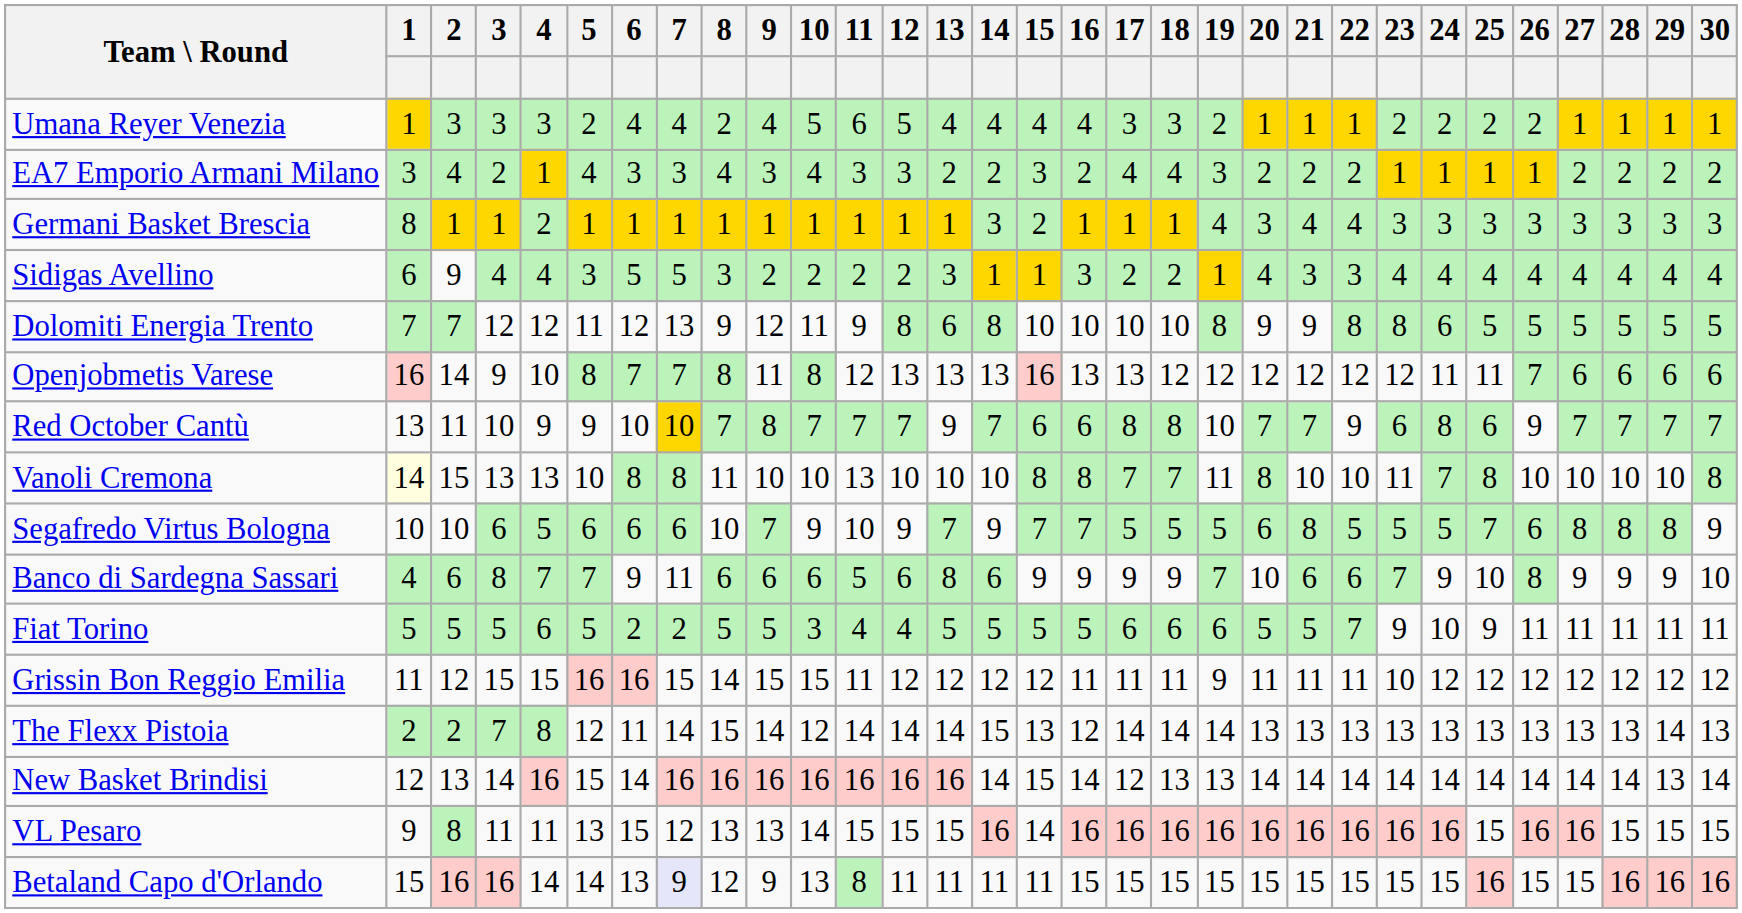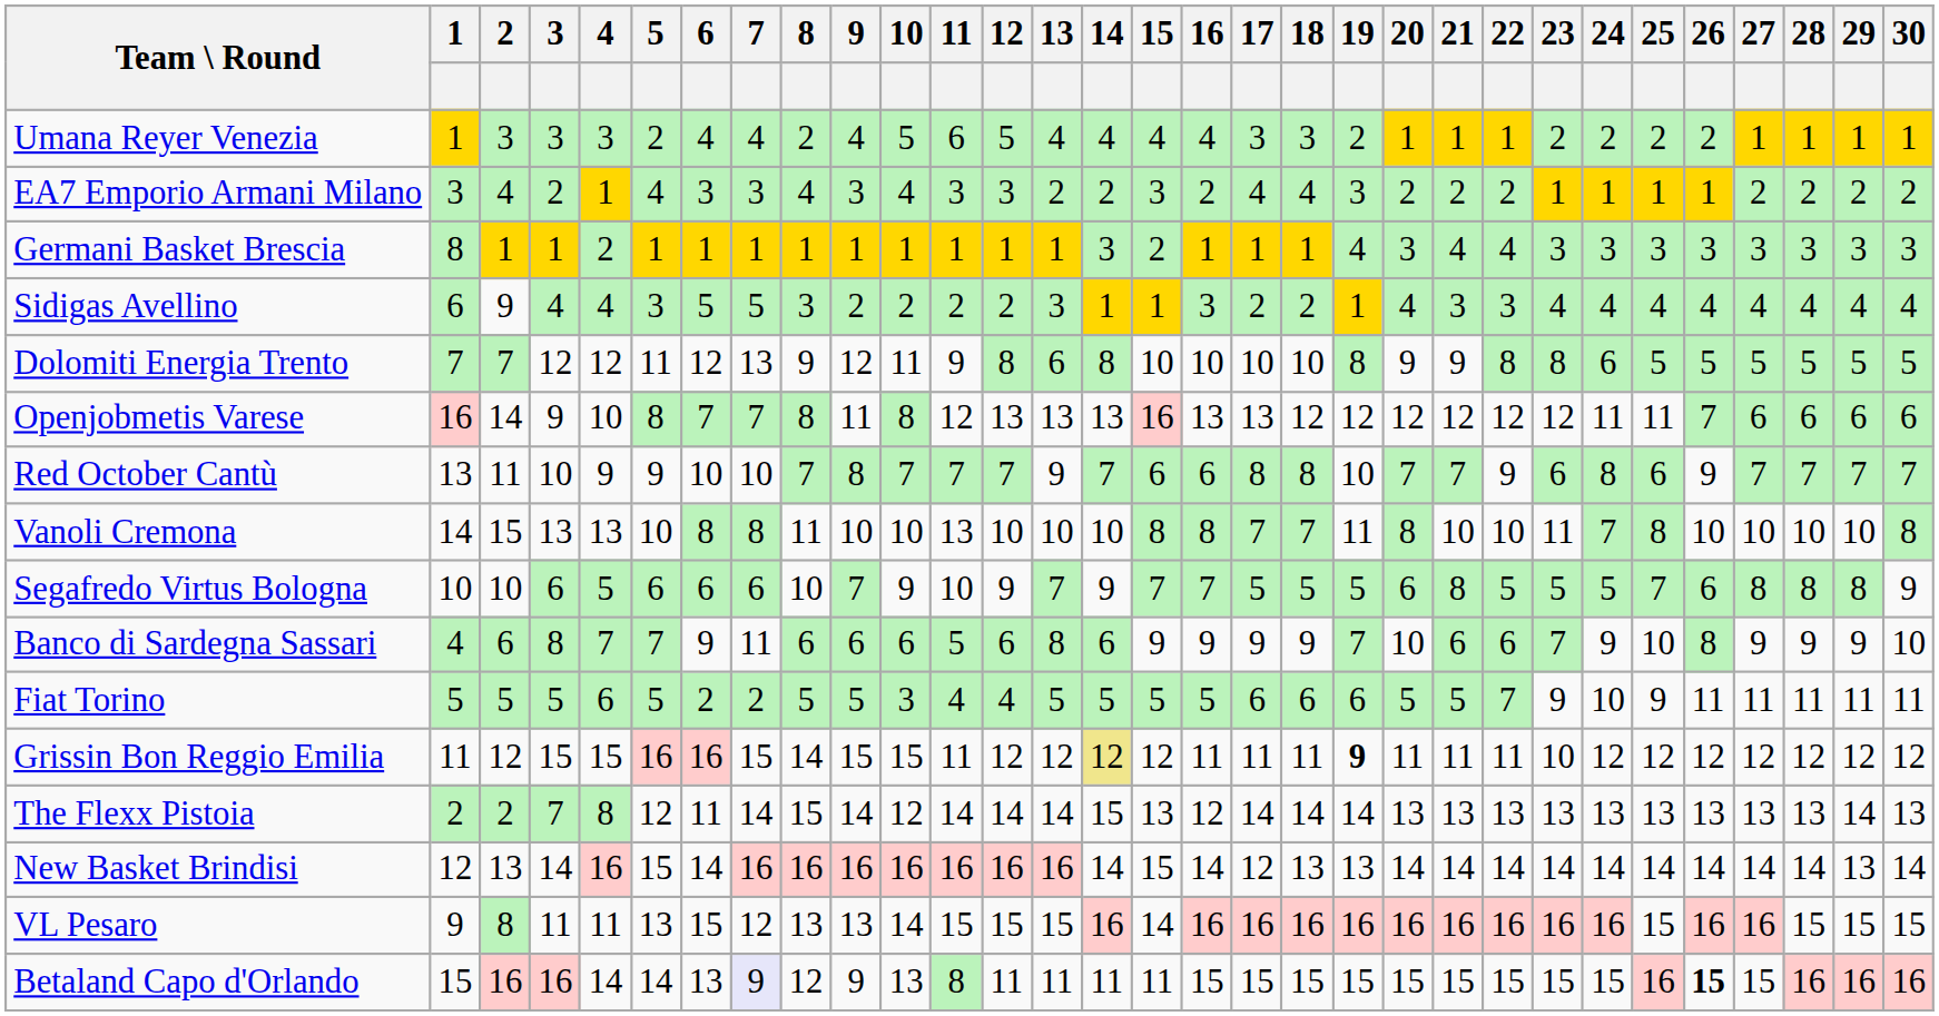 <table class="wikitable sortable" style="font-size:90%; text-align:center; white-space: nowrap;">
 <tr>
 <th rowspan="2" style="width:140px;">Team \ Round</th>
 <th>1</th>
 <th>2</th>
 <th>3</th>
 <th>4</th>
 <th>5</th>
 <th>6</th>
 <th>7</th>
 <th>8</th>
 <th>9</th>
 <th>10</th>
 <th>11</th>
 <th>12</th>
 <th>13</th>
 <th>14</th>
 <th>15</th>
 <th>16</th>
 <th>17</th>
 <th>18</th>
 <th>19</th>
 <th>20</th>
 <th>21</th>
 <th>22</th>
 <th>23</th>
 <th>24</th>
 <th>25</th>
 <th>26</th>
 <th>27</th>
 <th>28</th>
 <th>29</th>
 <th>30</th>
 </tr>
 <tr style="text-align:center; height:20px;">
 <th scope=row></th>
 <th></th>
 <th></th>
 <th></th>
 <th></th>
 <th></th>
 <th></th>
 <th></th>
 <th></th>
 <th></th>
 <th></th>
 <th></th>
 <th></th>
 <th></th>
 <th></th>
 <th></th>
 <th></th>
 <th></th>
 <th></th>
 <th></th>
 <th></th>
 <th></th>
 <th></th>
 <th></th>
 <th></th>
 <th></th>
 <th></th>
 <th></th>
 <th></th>
 <th></th>
 </tr>
 <tr>
 <td align=left><a href='#'>Umana Reyer Venezia</a></td>
 <td bgcolor=gold>1</td>
 <td bgcolor=#BBF3BB>3</td>
 <td bgcolor=#BBF3BB>3</td>
 <td bgcolor=#BBF3BB>3</td>
 <td bgcolor=#BBF3BB>2</td>
 <td bgcolor=#BBF3BB>4</td>
 <td bgcolor=#BBF3BB>4</td>
 <td bgcolor=#BBF3BB>2</td>
 <td bgcolor=#BBF3BB>4</td>
 <td bgcolor=#BBF3BB>5</td>
 <td bgcolor=#BBF3BB>6</td>
 <td bgcolor=#BBF3BB>5</td>
 <td bgcolor=#BBF3BB>4</td>
 <td bgcolor=#BBF3BB>4</td>
 <td bgcolor=#BBF3BB>4</td>
 <td bgcolor=#BBF3BB>4</td>
 <td bgcolor=#BBF3BB>3</td>
 <td bgcolor=#BBF3BB>3</td>
 <td bgcolor=#BBF3BB>2</td>
 <td bgcolor=gold>1</td>
 <td bgcolor=gold>1</td>
 <td bgcolor=gold>1</td>
 <td bgcolor=#BBF3BB>2</td>
 <td bgcolor=#BBF3BB>2</td>
 <td bgcolor=#BBF3BB>2</td>
 <td bgcolor=#BBF3BB>2</td>
 <td bgcolor=gold>1</td>
 <td bgcolor=gold>1</td>
 <td bgcolor=gold>1</td>
 <td bgcolor=gold>1</td>
 </tr>
 <tr>
 <td align=left><a href='#'>EA7 Emporio Armani Milano</a></td>
 <td bgcolor=#BBF3BB>3</td>
 <td bgcolor=#BBF3BB>4</td>
 <td bgcolor=#BBF3BB>2</td>
 <td bgcolor=gold>1</td>
 <td bgcolor=#BBF3BB>4</td>
 <td bgcolor=#BBF3BB>3</td>
 <td bgcolor=#BBF3BB>3</td>
 <td bgcolor=#BBF3BB>4</td>
 <td bgcolor=#BBF3BB>3</td>
 <td bgcolor=#BBF3BB>4</td>
 <td bgcolor=#BBF3BB>3</td>
 <td bgcolor=#BBF3BB>3</td>
 <td bgcolor=#BBF3BB>2</td>
 <td bgcolor=#BBF3BB>2</td>
 <td bgcolor=#BBF3BB>3</td>
 <td bgcolor=#BBF3BB>2</td>
 <td bgcolor=#BBF3BB>4</td>
 <td bgcolor=#BBF3BB>4</td>
 <td bgcolor=#BBF3BB>3</td>
 <td bgcolor=#BBF3BB>2</td>
 <td bgcolor=#BBF3BB>2</td>
 <td bgcolor=#BBF3BB>2</td>
 <td bgcolor=gold>1</td>
 <td bgcolor=gold>1</td>
 <td bgcolor=gold>1</td>
 <td bgcolor=gold>1</td>
 <td bgcolor=#BBF3BB>2</td>
 <td bgcolor=#BBF3BB>2</td>
 <td bgcolor=#BBF3BB>2</td>
 <td bgcolor=#BBF3BB>2</td>
 </tr>
 <tr>
 <td align=left><a href='#'>Germani Basket Brescia</a></td>
 <td bgcolor=#BBF3BB>8</td>
 <td bgcolor=gold>1</td>
 <td bgcolor=gold>1</td>
 <td bgcolor=#BBF3BB>2</td>
 <td bgcolor=gold>1</td>
 <td bgcolor=gold>1</td>
 <td bgcolor=gold>1</td>
 <td bgcolor=gold>1</td>
 <td bgcolor=gold>1</td>
 <td bgcolor=gold>1</td>
 <td bgcolor=gold>1</td>
 <td bgcolor=gold>1</td>
 <td bgcolor=gold>1</td>
 <td bgcolor=#BBF3BB>3</td>
 <td bgcolor=#BBF3BB>2</td>
 <td bgcolor=gold>1</td>
 <td bgcolor=gold>1</td>
 <td bgcolor=gold>1</td>
 <td bgcolor=#BBF3BB>4</td>
 <td bgcolor=#BBF3BB>3</td>
 <td bgcolor=#BBF3BB>4</td>
 <td bgcolor=#BBF3BB>4</td>
 <td bgcolor=#BBF3BB>3</td>
 <td bgcolor=#BBF3BB>3</td>
 <td bgcolor=#BBF3BB>3</td>
 <td bgcolor=#BBF3BB>3</td>
 <td bgcolor=#BBF3BB>3</td>
 <td bgcolor=#BBF3BB>3</td>
 <td bgcolor=#BBF3BB>3</td>
 <td bgcolor=#BBF3BB>3</td>
 </tr>
 <tr>
 <td align=left><a href='#'>Sidigas Avellino</a></td>
 <td bgcolor=#BBF3BB>6</td>
 <td>9</td>
 <td bgcolor=#BBF3BB>4</td>
 <td bgcolor=#BBF3BB>4</td>
 <td bgcolor=#BBF3BB>3</td>
 <td bgcolor=#BBF3BB>5</td>
 <td bgcolor=#BBF3BB>5</td>
 <td bgcolor=#BBF3BB>3</td>
 <td bgcolor=#BBF3BB>2</td>
 <td bgcolor=#BBF3BB>2</td>
 <td bgcolor=#BBF3BB>2</td>
 <td bgcolor=#BBF3BB>2</td>
 <td bgcolor=#BBF3BB>3</td>
 <td bgcolor=gold>1</td>
 <td bgcolor=gold>1</td>
 <td bgcolor=#BBF3BB>3</td>
 <td bgcolor=#BBF3BB>2</td>
 <td bgcolor=#BBF3BB>2</td>
 <td bgcolor=gold>1</td>
 <td bgcolor=#BBF3BB>4</td>
 <td bgcolor=#BBF3BB>3</td>
 <td bgcolor=#BBF3BB>3</td>
 <td bgcolor=#BBF3BB>4</td>
 <td bgcolor=#BBF3BB>4</td>
 <td bgcolor=#BBF3BB>4</td>
 <td bgcolor=#BBF3BB>4</td>
 <td bgcolor=#BBF3BB>4</td>
 <td bgcolor=#BBF3BB>4</td>
 <td bgcolor=#BBF3BB>4</td>
 <td bgcolor=#BBF3BB>4</td>
 </tr>
 <tr>
 <td align=left><a href='#'>Dolomiti Energia Trento</a></td>
 <td bgcolor=#BBF3BB>7</td>
 <td bgcolor=#BBF3BB>7</td>
 <td>12</td>
 <td>12</td>
 <td>11</td>
 <td>12</td>
 <td>13</td>
 <td>9</td>
 <td>12</td>
 <td>11</td>
 <td>9</td>
 <td bgcolor=#BBF3BB>8</td>
 <td bgcolor=#BBF3BB>6</td>
 <td bgcolor=#BBF3BB>8</td>
 <td>10</td>
 <td>10</td>
 <td>10</td>
 <td>10</td>
 <td bgcolor=#BBF3BB>8</td>
 <td>9</td>
 <td>9</td>
 <td bgcolor=#BBF3BB>8</td>
 <td bgcolor=#BBF3BB>8</td>
 <td bgcolor=#BBF3BB>6</td>
 <td bgcolor=#BBF3BB>5</td>
 <td bgcolor=#BBF3BB>5</td>
 <td bgcolor=#BBF3BB>5</td>
 <td bgcolor=#BBF3BB>5</td>
 <td bgcolor=#BBF3BB>5</td>
 <td bgcolor=#BBF3BB>5</td>
 </tr>
 <tr>
 <td align=left><a href='#'>Openjobmetis Varese</a></td>
 <td bgcolor=#fcc>16</td>
 <td>14</td>
 <td>9</td>
 <td>10</td>
 <td bgcolor=#BBF3BB>8</td>
 <td bgcolor=#BBF3BB>7</td>
 <td bgcolor=#BBF3BB>7</td>
 <td bgcolor=#BBF3BB>8</td>
 <td>11</td>
 <td bgcolor=#BBF3BB>8</td>
 <td>12</td>
 <td>13</td>
 <td>13</td>
 <td>13</td>
 <td bgcolor=#fcc>16</td>
 <td>13</td>
 <td>13</td>
 <td>12</td>
 <td>12</td>
 <td>12</td>
 <td>12</td>
 <td>12</td>
 <td>12</td>
 <td>11</td>
 <td>11</td>
 <td bgcolor=#BBF3BB>7</td>
 <td bgcolor=#BBF3BB>6</td>
 <td bgcolor=#BBF3BB>6</td>
 <td bgcolor=#BBF3BB>6</td>
 <td bgcolor=#BBF3BB>6</td>
 </tr>
 <tr>
 <td align=left><a href='#'>Red October Cantù</a></td>
 <td>13</td>
 <td>11</td>
 <td>10</td>
 <td>9</td>
 <td>9</td>
 <td>10</td>
-<td style="background: gold;">10</td>
+<td>10</td>
 <td bgcolor=#BBF3BB>7</td>
 <td bgcolor=#BBF3BB>8</td>
 <td bgcolor=#BBF3BB>7</td>
 <td bgcolor=#BBF3BB>7</td>
 <td bgcolor=#BBF3BB>7</td>
 <td>9</td>
 <td bgcolor=#BBF3BB>7</td>
 <td bgcolor=#BBF3BB>6</td>
 <td bgcolor=#BBF3BB>6</td>
 <td bgcolor=#BBF3BB>8</td>
 <td bgcolor=#BBF3BB>8</td>
 <td>10</td>
 <td bgcolor=#BBF3BB>7</td>
 <td bgcolor=#BBF3BB>7</td>
 <td>9</td>
 <td bgcolor=#BBF3BB>6</td>
 <td bgcolor=#BBF3BB>8</td>
 <td bgcolor=#BBF3BB>6</td>
 <td>9</td>
 <td bgcolor=#BBF3BB>7</td>
 <td bgcolor=#BBF3BB>7</td>
 <td bgcolor=#BBF3BB>7</td>
 <td bgcolor=#BBF3BB>7</td>
 </tr>
 <tr>
 <td align=left><a href='#'>Vanoli Cremona</a></td>
-<td style="background: lightyellow;">14</td>
+<td>14</td>
 <td>15</td>
 <td>13</td>
 <td>13</td>
 <td>10</td>
 <td bgcolor=#BBF3BB>8</td>
 <td bgcolor=#BBF3BB>8</td>
 <td>11</td>
 <td>10</td>
 <td>10</td>
 <td>13</td>
 <td>10</td>
 <td>10</td>
 <td>10</td>
 <td bgcolor=#BBF3BB>8</td>
 <td bgcolor=#BBF3BB>8</td>
 <td bgcolor=#BBF3BB>7</td>
 <td bgcolor=#BBF3BB>7</td>
 <td>11</td>
 <td bgcolor=#BBF3BB>8</td>
 <td>10</td>
 <td>10</td>
 <td>11</td>
 <td bgcolor=#BBF3BB>7</td>
 <td bgcolor=#BBF3BB>8</td>
 <td>10</td>
 <td>10</td>
 <td>10</td>
 <td>10</td>
 <td bgcolor=#BBF3BB>8</td>
 </tr>
 <tr>
 <td align=left><a href='#'>Segafredo Virtus Bologna</a></td>
 <td>10</td>
 <td>10</td>
 <td bgcolor=#BBF3BB>6</td>
 <td bgcolor=#BBF3BB>5</td>
 <td bgcolor=#BBF3BB>6</td>
 <td bgcolor=#BBF3BB>6</td>
 <td bgcolor=#BBF3BB>6</td>
 <td>10</td>
 <td bgcolor=#BBF3BB>7</td>
 <td>9</td>
 <td>10</td>
 <td>9</td>
 <td bgcolor=#BBF3BB>7</td>
 <td>9</td>
 <td bgcolor=#BBF3BB>7</td>
 <td bgcolor=#BBF3BB>7</td>
 <td bgcolor=#BBF3BB>5</td>
 <td bgcolor=#BBF3BB>5</td>
 <td bgcolor=#BBF3BB>5</td>
 <td bgcolor=#BBF3BB>6</td>
 <td bgcolor=#BBF3BB>8</td>
 <td bgcolor=#BBF3BB>5</td>
 <td bgcolor=#BBF3BB>5</td>
 <td bgcolor=#BBF3BB>5</td>
 <td bgcolor=#BBF3BB>7</td>
 <td bgcolor=#BBF3BB>6</td>
 <td bgcolor=#BBF3BB>8</td>
 <td bgcolor=#BBF3BB>8</td>
 <td bgcolor=#BBF3BB>8</td>
 <td>9</td>
 </tr>
 <tr>
 <td align=left><a href='#'>Banco di Sardegna Sassari</a></td>
 <td bgcolor=#BBF3BB>4</td>
 <td bgcolor=#BBF3BB>6</td>
 <td bgcolor=#BBF3BB>8</td>
 <td bgcolor=#BBF3BB>7</td>
 <td bgcolor=#BBF3BB>7</td>
 <td>9</td>
 <td>11</td>
 <td bgcolor=#BBF3BB>6</td>
 <td bgcolor=#BBF3BB>6</td>
 <td bgcolor=#BBF3BB>6</td>
 <td bgcolor=#BBF3BB>5</td>
 <td bgcolor=#BBF3BB>6</td>
 <td bgcolor=#BBF3BB>8</td>
 <td bgcolor=#BBF3BB>6</td>
 <td>9</td>
 <td>9</td>
 <td>9</td>
 <td>9</td>
 <td bgcolor=#BBF3BB>7</td>
 <td>10</td>
 <td bgcolor=#BBF3BB>6</td>
 <td bgcolor=#BBF3BB>6</td>
 <td bgcolor=#BBF3BB>7</td>
 <td>9</td>
 <td>10</td>
 <td bgcolor=#BBF3BB>8</td>
 <td>9</td>
 <td>9</td>
 <td>9</td>
 <td>10</td>
 </tr>
 <tr>
 <td align=left><a href='#'>Fiat Torino</a></td>
 <td bgcolor=#BBF3BB>5</td>
 <td bgcolor=#BBF3BB>5</td>
 <td bgcolor=#BBF3BB>5</td>
 <td bgcolor=#BBF3BB>6</td>
 <td bgcolor=#BBF3BB>5</td>
 <td bgcolor=#BBF3BB>2</td>
 <td bgcolor=#BBF3BB>2</td>
 <td bgcolor=#BBF3BB>5</td>
 <td bgcolor=#BBF3BB>5</td>
 <td bgcolor=#BBF3BB>3</td>
 <td bgcolor=#BBF3BB>4</td>
 <td bgcolor=#BBF3BB>4</td>
 <td bgcolor=#BBF3BB>5</td>
 <td bgcolor=#BBF3BB>5</td>
 <td bgcolor=#BBF3BB>5</td>
 <td bgcolor=#BBF3BB>5</td>
 <td bgcolor=#BBF3BB>6</td>
 <td bgcolor=#BBF3BB>6</td>
 <td bgcolor=#BBF3BB>6</td>
 <td bgcolor=#BBF3BB>5</td>
 <td bgcolor=#BBF3BB>5</td>
 <td bgcolor=#BBF3BB>7</td>
 <td>9</td>
 <td>10</td>
 <td>9</td>
 <td>11</td>
 <td>11</td>
 <td>11</td>
 <td>11</td>
 <td>11</td>
 </tr>
 <tr>
 <td align=left><a href='#'>Grissin Bon Reggio Emilia</a></td>
 <td>11</td>
 <td>12</td>
 <td>15</td>
 <td>15</td>
 <td bgcolor=#fcc>16</td>
 <td bgcolor=#fcc>16</td>
 <td>15</td>
 <td>14</td>
 <td>15</td>
 <td>15</td>
 <td>11</td>
 <td>12</td>
 <td>12</td>
-<td>12</td>
+<td style="background: khaki;">12</td>
 <td>12</td>
 <td>11</td>
 <td>11</td>
 <td>11</td>
-<td>9</td>
+<td><strong>9</strong></td>
 <td>11</td>
 <td>11</td>
 <td>11</td>
 <td>10</td>
 <td>12</td>
 <td>12</td>
 <td>12</td>
 <td>12</td>
 <td>12</td>
 <td>12</td>
 <td>12</td>
 </tr>
 <tr>
 <td align=left><a href='#'>The Flexx Pistoia</a></td>
 <td bgcolor=#BBF3BB>2</td>
 <td bgcolor=#BBF3BB>2</td>
 <td bgcolor=#BBF3BB>7</td>
 <td bgcolor=#BBF3BB>8</td>
 <td>12</td>
 <td>11</td>
 <td>14</td>
 <td>15</td>
 <td>14</td>
 <td>12</td>
 <td>14</td>
 <td>14</td>
 <td>14</td>
 <td>15</td>
 <td>13</td>
 <td>12</td>
 <td>14</td>
 <td>14</td>
 <td>14</td>
 <td>13</td>
 <td>13</td>
 <td>13</td>
 <td>13</td>
 <td>13</td>
 <td>13</td>
 <td>13</td>
 <td>13</td>
 <td>13</td>
 <td>14</td>
 <td>13</td>
 </tr>
 <tr>
 <td align=left><a href='#'>New Basket Brindisi</a></td>
 <td>12</td>
 <td>13</td>
 <td>14</td>
 <td bgcolor=#fcc>16</td>
 <td>15</td>
 <td>14</td>
 <td bgcolor=#fcc>16</td>
 <td bgcolor=#fcc>16</td>
 <td bgcolor=#fcc>16</td>
 <td bgcolor=#fcc>16</td>
 <td bgcolor=#fcc>16</td>
 <td bgcolor=#fcc>16</td>
 <td bgcolor=#fcc>16</td>
 <td>14</td>
 <td>15</td>
 <td>14</td>
 <td>12</td>
 <td>13</td>
 <td>13</td>
 <td>14</td>
 <td>14</td>
 <td>14</td>
 <td>14</td>
 <td>14</td>
 <td>14</td>
 <td>14</td>
 <td>14</td>
 <td>14</td>
 <td>13</td>
 <td>14</td>
 </tr>
 <tr>
 <td align=left><a href='#'>VL Pesaro</a></td>
 <td>9</td>
 <td bgcolor=#BBF3BB>8</td>
 <td>11</td>
 <td>11</td>
 <td>13</td>
 <td>15</td>
 <td>12</td>
 <td>13</td>
 <td>13</td>
 <td>14</td>
 <td>15</td>
 <td>15</td>
 <td>15</td>
 <td bgcolor=#fcc>16</td>
 <td>14</td>
 <td bgcolor=#fcc>16</td>
 <td bgcolor=#fcc>16</td>
 <td bgcolor=#fcc>16</td>
 <td bgcolor=#fcc>16</td>
 <td bgcolor=#fcc>16</td>
 <td bgcolor=#fcc>16</td>
 <td bgcolor=#fcc>16</td>
 <td bgcolor=#fcc>16</td>
 <td bgcolor=#fcc>16</td>
 <td>15</td>
 <td bgcolor=#fcc>16</td>
 <td bgcolor=#fcc>16</td>
 <td>15</td>
 <td>15</td>
 <td>15</td>
 </tr>
 <tr>
 <td align=left><a href='#'>Betaland Capo d'Orlando</a></td>
 <td>15</td>
 <td bgcolor=#fcc>16</td>
 <td bgcolor=#fcc>16</td>
 <td>14</td>
 <td>14</td>
 <td>13</td>
 <td style="background: lavender;">9</td>
 <td>12</td>
 <td>9</td>
 <td>13</td>
 <td bgcolor=#BBF3BB>8</td>
 <td>11</td>
 <td>11</td>
 <td>11</td>
 <td>11</td>
 <td>15</td>
 <td>15</td>
 <td>15</td>
 <td>15</td>
 <td>15</td>
 <td>15</td>
 <td>15</td>
 <td>15</td>
 <td>15</td>
 <td bgcolor=#fcc>16</td>
-<td>15</td>
+<td><strong>15</strong></td>
 <td>15</td>
 <td bgcolor=#fcc>16</td>
 <td bgcolor=#fcc>16</td>
 <td bgcolor=#fcc>16</td>
 </tr>
 <tr>
 </tr>
 </table>
